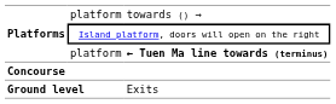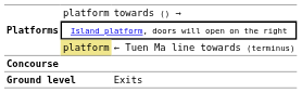 <table border="0" cellspacing="0" cellpadding="3">
 <tr>
 <td rowspan="3" style="border-top:solid 1px gray;border-bottom:solid 1px gray;"><strong>Platforms</strong></td>
 <td style="border-top:solid 1px gray;border-bottom:solid 1px gray;"><span><strong></strong></span> platform</td>
 <td style="border-top:solid 1px gray;border-bottom:solid 1px gray;">  towards  <small>()</small> →</td>
 </tr>
 <tr>
 <td colspan="2" style="border-top:solid 2px black;border-right:solid 2px black;border-left:solid 2px black;border-bottom:solid 2px black;text-align:center;"><small><a href='#'>Island platform</a>, doors will open on the right</small></td>
 </tr>
 <tr>
-<td style="border-bottom:solid 1px gray;"><span><strong></strong></span> platform</td>
-<td style="border-bottom:solid 1px gray;"><strong>←  Tuen Ma line towards  <small>(terminus)</small></strong></td>
+<td style="background: khaki; border-bottom:solid 1px gray;"><span><strong></strong></span> platform</td>
+<td style="border-bottom:solid 1px gray;">←  Tuen Ma line towards  <small>(terminus)</small></td>
 </tr>
 <tr>
 <td style="border-bottom:solid 1px gray;" colspan="2"><strong>Concourse</strong></td>
 <td style="border-bottom:solid 1px gray;"></td>
 </tr>
 <tr>
 <td style="border-bottom:solid 1px gray;" colspan="2"><strong>Ground level</strong></td>
 <td style="border-bottom:solid 1px gray;">Exits</td>
 </tr>
 </table>
